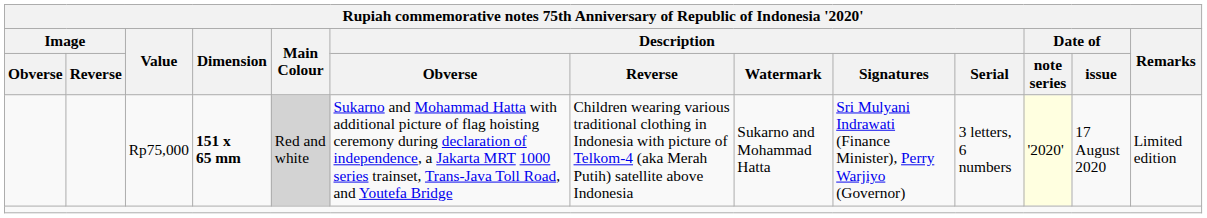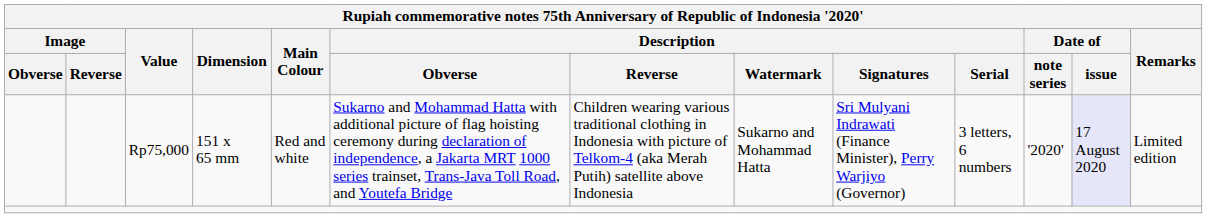 <table class="wikitable">
 <tr>
 <th colspan="13">Rupiah commemorative notes 75th Anniversary of Republic of Indonesia '2020'</th>
 </tr>
 <tr>
 <th colspan="2"><strong>Image</strong></th>
 <th rowspan="2"><strong>Value</strong></th>
 <th rowspan="2"><strong>Dimension</strong></th>
 <th rowspan="2"><strong>Main Colour</strong></th>
 <th colspan="5"><strong>Description</strong></th>
 <th colspan="2"><strong>Date of</strong></th>
 <th rowspan="2"><strong>Remarks</strong></th>
 </tr>
 <tr>
 <th><strong>Obverse</strong></th>
 <th><strong>Reverse</strong></th>
 <th><strong>Obverse</strong></th>
 <th><strong>Reverse</strong></th>
 <th><strong>Watermark</strong></th>
 <th><strong>Signatures</strong></th>
 <th><strong>Serial</strong></th>
 <th><strong>note series</strong></th>
 <th><strong>issue</strong></th>
 </tr>
 <tr>
 <td></td>
 <td></td>
 <td>Rp75,000</td>
-<td><strong>151 x 65 mm</strong></td>
-<td style="background: lightgrey;">Red and white</td>
+<td>151 x 65 mm</td>
+<td>Red and white</td>
 <td><a href='#'>Sukarno</a> and <a href='#'>Mohammad Hatta</a> with additional picture of flag hoisting ceremony during <a href='#'>declaration of independence</a>, a <a href='#'>Jakarta MRT</a> <a href='#'>1000 series</a> trainset, <a href='#'>Trans-Java Toll Road</a>, and <a href='#'>Youtefa Bridge</a></td>
 <td>Children wearing various traditional clothing in Indonesia with picture of <a href='#'>Telkom-4</a> (aka Merah Putih) satellite above Indonesia</td>
 <td>Sukarno and Mohammad Hatta</td>
 <td><a href='#'>Sri Mulyani Indrawati</a> (Finance Minister), <a href='#'>Perry Warjiyo</a> (Governor)</td>
 <td>3 letters, 6 numbers</td>
-<td style="background: lightyellow;">'2020'</td>
-<td>17 August 2020</td>
+<td>'2020'</td>
+<td style="background: lavender;">17 August 2020</td>
 <td>Limited edition</td>
 </tr>
 <tr style="text-align:center; vertical-align:bottom;">
 <td colspan="13"></td>
 </tr>
 </table>
